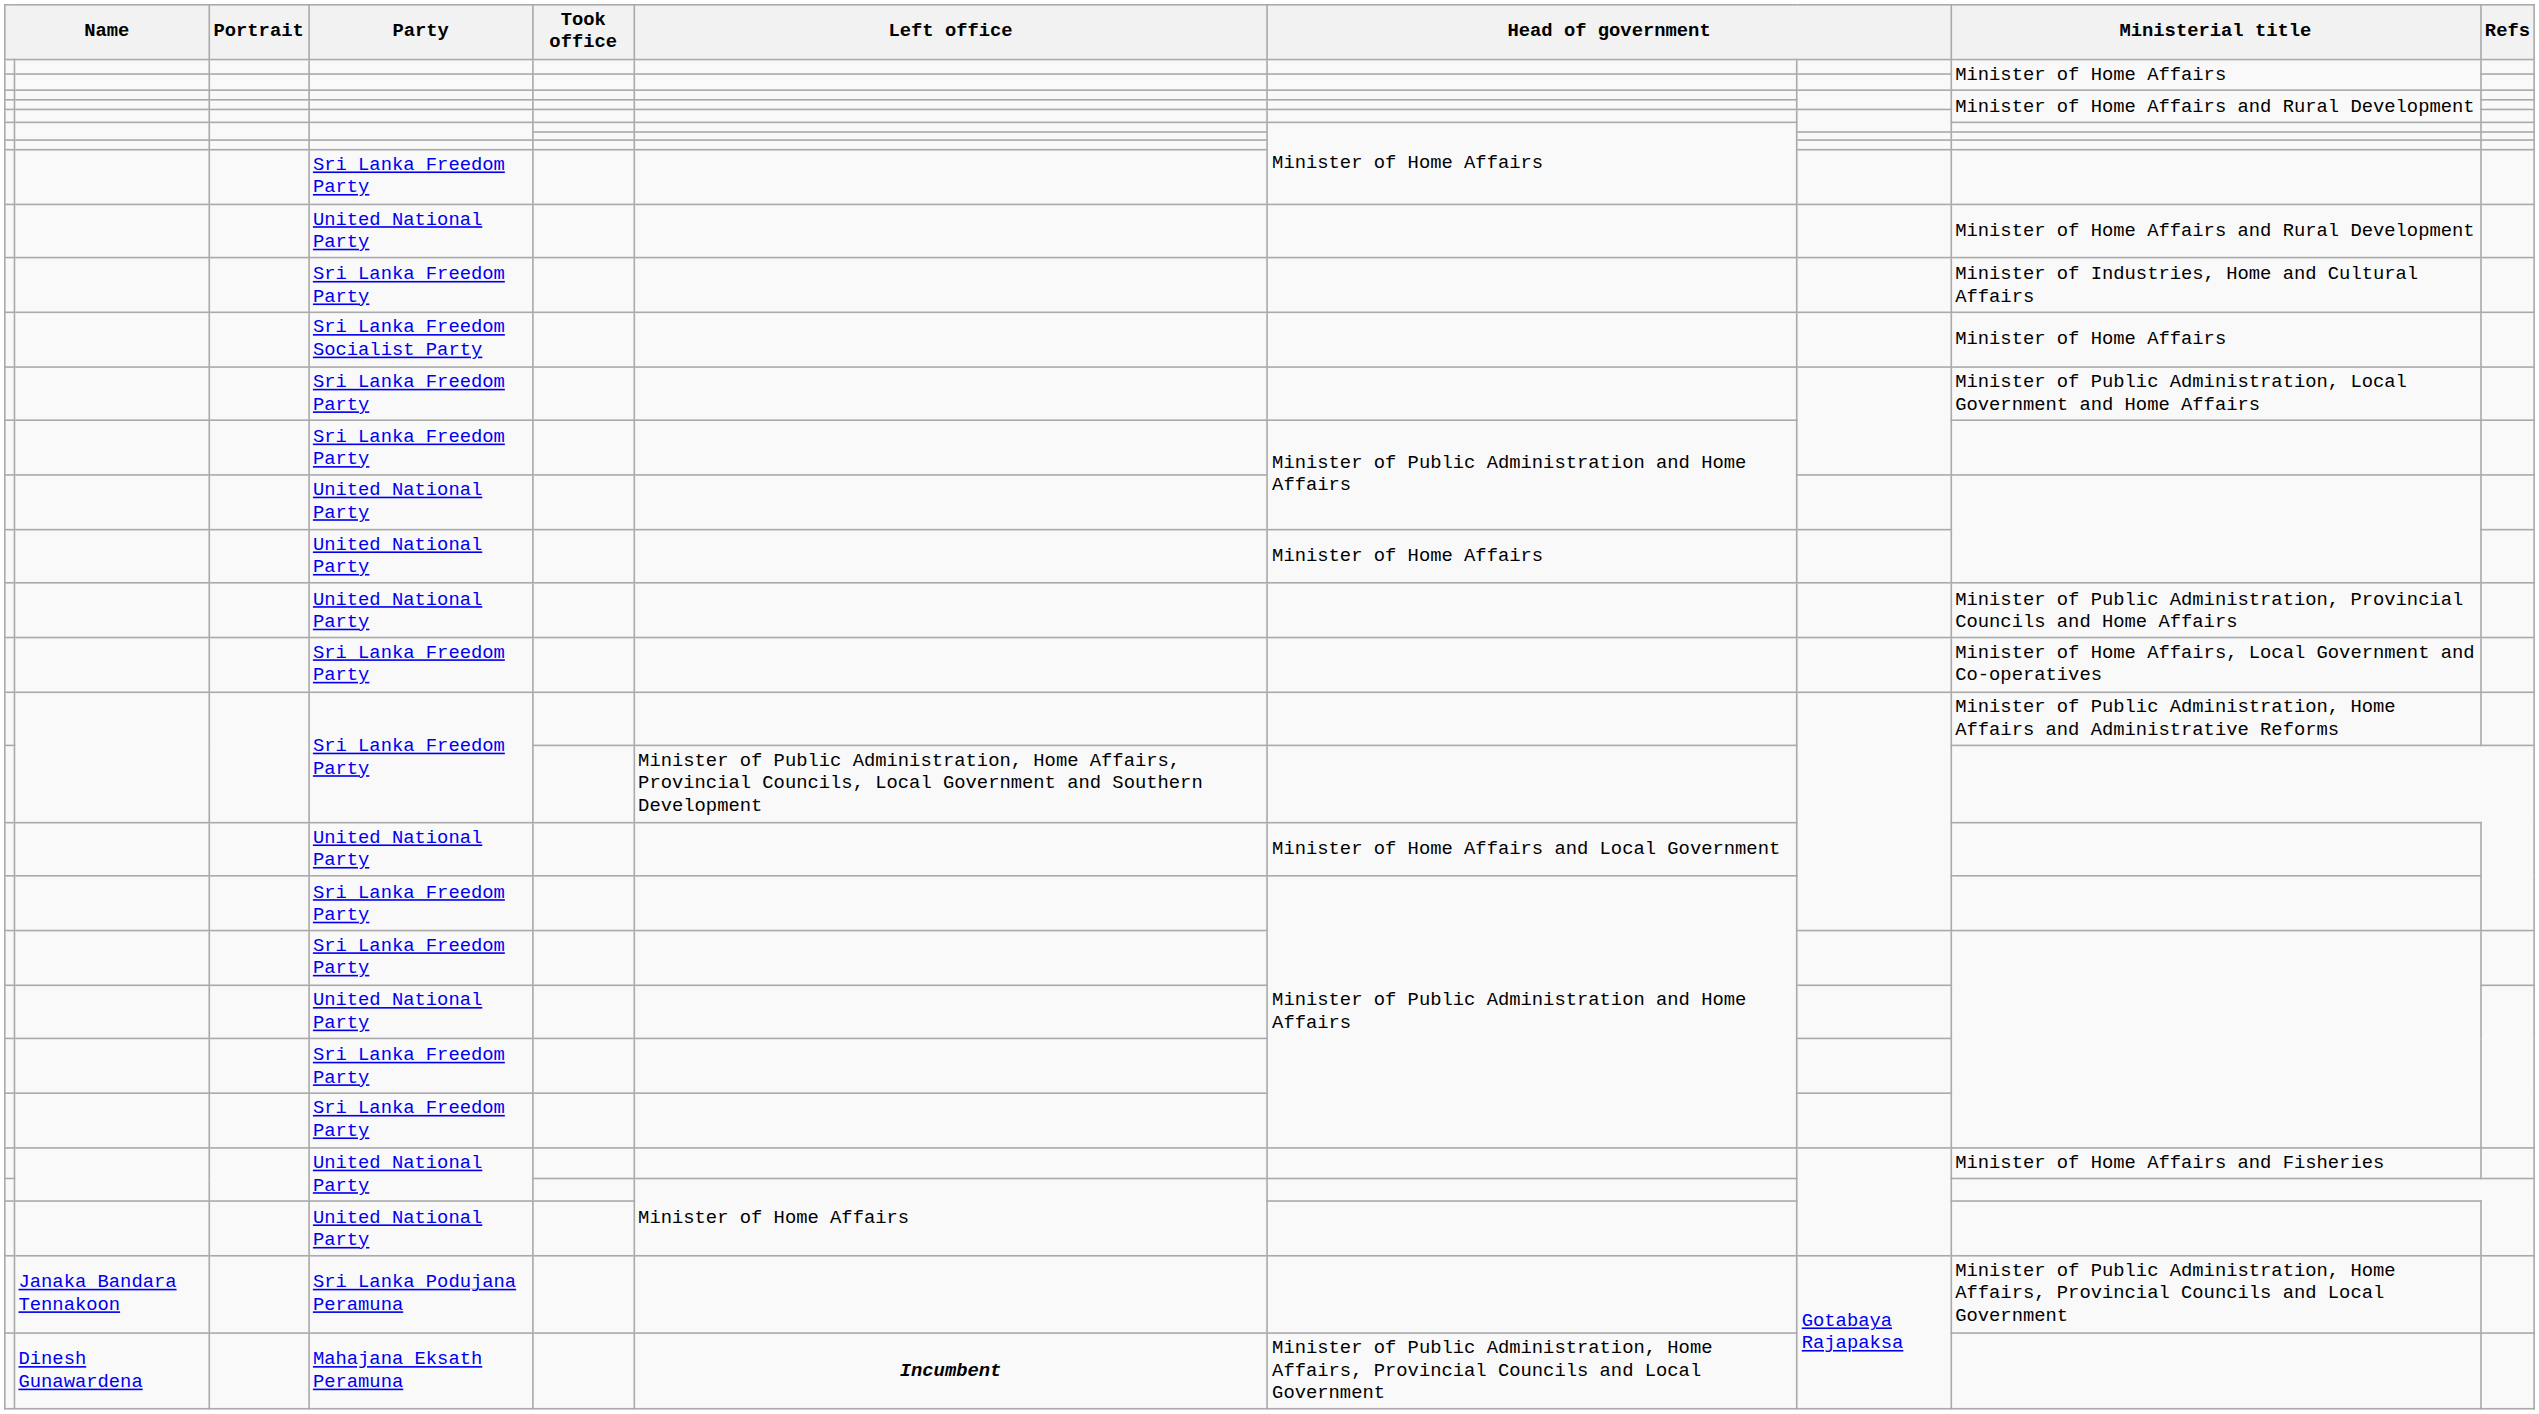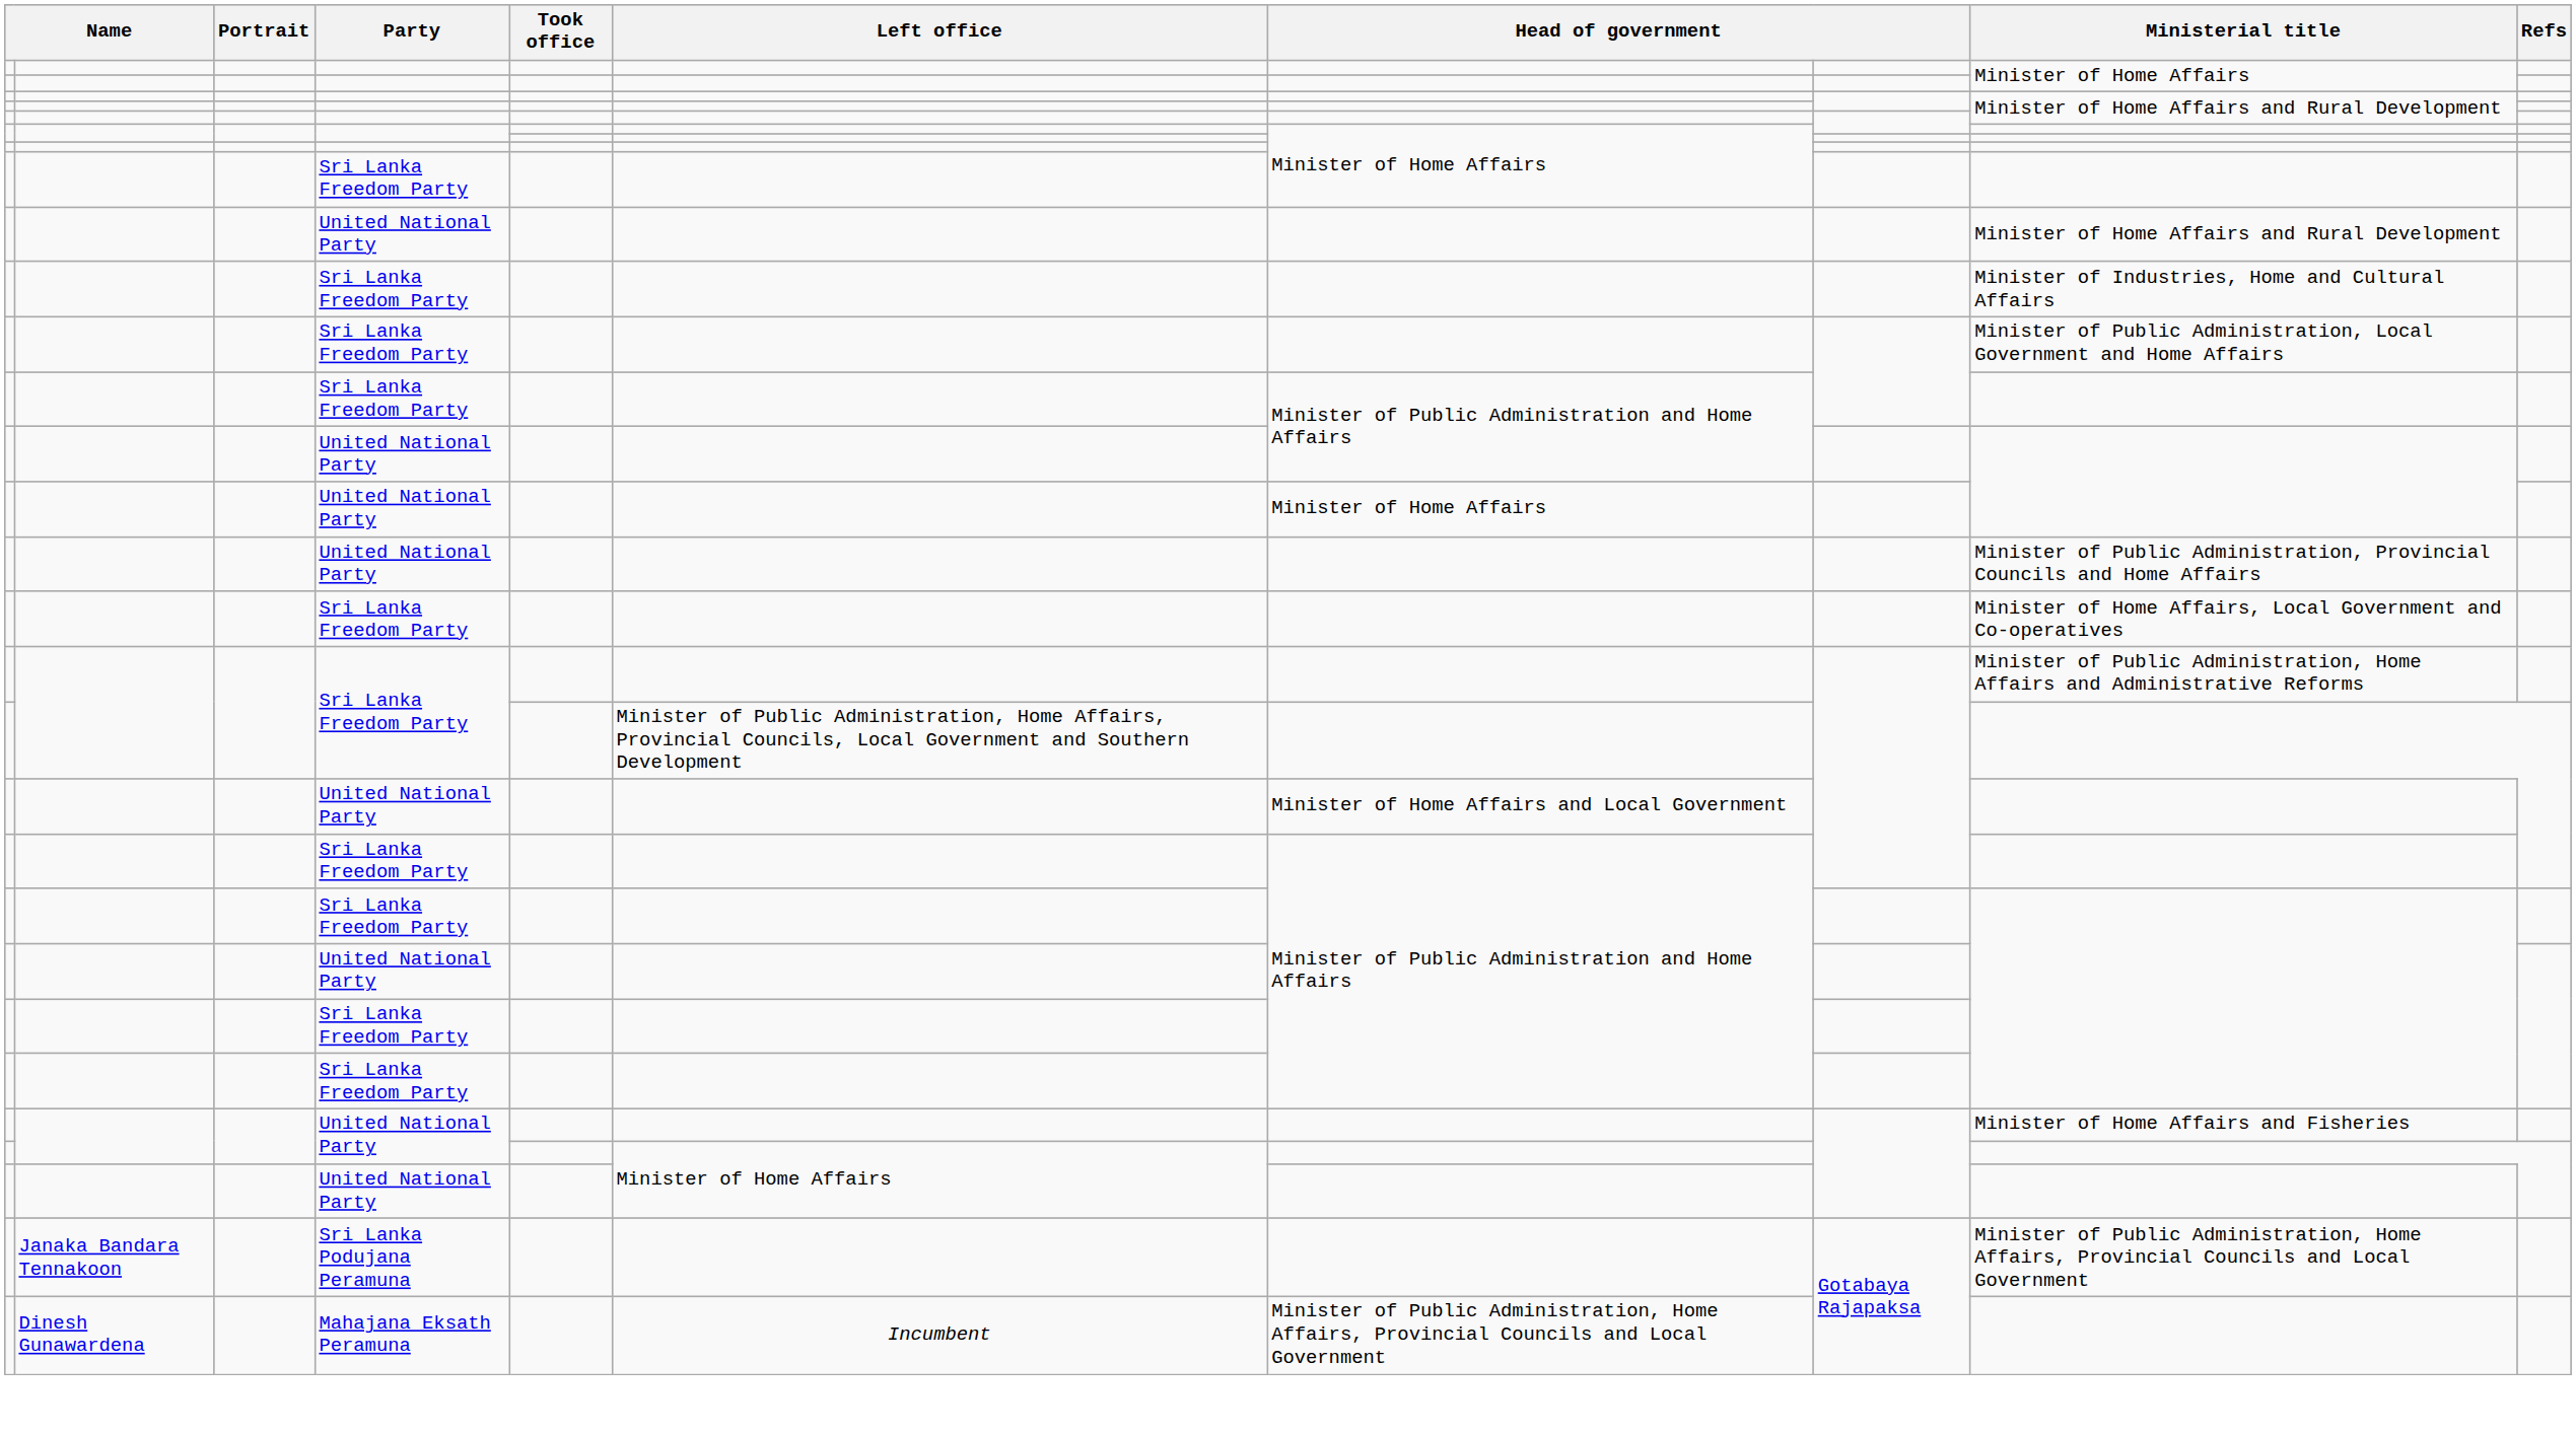 <table class="wikitable plainrowheaders sortable" style="font-size:90%; text-align:left;">
 <tr>
 <th scope=col colspan="2">Name</th>
 <th scope=col class=unsortable>Portrait</th>
 <th scope=col>Party</th>
 <th scope=col>Took office</th>
 <th scope=col>Left office</th>
 <th scope=col colspan="2">Head of government</th>
 <th scope=col>Ministerial title</th>
 <th scope=col class=unsortable>Refs</th>
 </tr>
 <tr>
 <td></td>
 <td></td>
 <td align=center></td>
 <td></td>
 <td align=center></td>
 <td align=center></td>
 <td></td>
 <td></td>
 <td rowspan=2>Minister of Home Affairs</td>
 <td align=center></td>
 </tr>
 <tr>
 <td></td>
 <td></td>
 <td></td>
 <td></td>
 <td align=center></td>
 <td align=center></td>
 <td></td>
 <td></td>
 <td align=center></td>
 </tr>
 <tr>
 <td></td>
 <td></td>
 <td align=center></td>
 <td></td>
 <td align=center></td>
 <td align=center></td>
 <td !align="center" style="background:"></td>
 <td rowspan=2></td>
 <td rowspan=3>Minister of Home Affairs and Rural Development</td>
 <td align=center></td>
 </tr>
 <tr>
 <td></td>
 <td></td>
 <td align=center></td>
 <td></td>
 <td align=center></td>
 <td align=center></td>
 <td align=center></td>
 </tr>
 <tr>
 <td></td>
 <td></td>
 <td align=center></td>
 <td></td>
 <td align=center></td>
 <td align=center></td>
 <td !align="center" style="background:"></td>
 <td rowspan=2></td>
 <td align=center></td>
 </tr>
 <tr>
 <td rowspan=2></td>
 <td rowspan=2></td>
 <td rowspan=2></td>
 <td rowspan=2></td>
 <td align=center></td>
 <td align=center></td>
 <td rowspan=4>Minister of Home Affairs</td>
 <td align=center></td>
 </tr>
 <tr>
 <td align=center></td>
 <td align=center></td>
 <td !align="center" style="background:"></td>
 <td></td>
 <td align=center></td>
 </tr>
 <tr>
 <td></td>
 <td></td>
 <td></td>
 <td></td>
 <td align=center></td>
 <td align=center></td>
 <td !align="center" style="background:"></td>
 <td></td>
 <td align=center></td>
 </tr>
 <tr>
 <td !align="center" style="background:"></td>
 <td></td>
 <td></td>
 <td><a href='#'>Sri Lanka Freedom Party</a></td>
 <td align=center></td>
 <td align=center></td>
 <td !align="center" style="background:"></td>
 <td></td>
 <td align=center></td>
 </tr>
 <tr>
 <td !align="center" style="background:"></td>
 <td></td>
 <td></td>
 <td><a href='#'>United National Party</a></td>
 <td align=center></td>
 <td align=center></td>
 <td !align="center" style="background:"></td>
 <td></td>
 <td>Minister of Home Affairs and Rural Development</td>
 <td align=center></td>
 </tr>
 <tr>
 <td !align="center" style="background:"></td>
 <td></td>
 <td align=center></td>
 <td><a href='#'>Sri Lanka Freedom Party</a></td>
 <td align=center></td>
 <td align=center></td>
 <td !align="center" style="background:"></td>
 <td></td>
 <td>Minister of Industries, Home and Cultural Affairs</td>
-<td align=center></td>
-</tr>
-<tr>
-<td !align="center" style="background:"></td>
-<td></td>
-<td align=center></td>
-<td><a href='#'>Sri Lanka Freedom Socialist Party</a></td>
-<td align=center></td>
-<td align=center></td>
-<td !align="center" style="background:"></td>
-<td></td>
-<td>Minister of Home Affairs</td>
 <td align=center></td>
 </tr>
 <tr>
 <td !align="center" style="background:"></td>
 <td></td>
 <td></td>
 <td><a href='#'>Sri Lanka Freedom Party</a></td>
 <td align=center></td>
 <td align=center></td>
 <td !align="center" style="background:"></td>
 <td rowspan=2></td>
 <td>Minister of Public Administration, Local Government and Home Affairs</td>
 <td align=center></td>
 </tr>
 <tr>
 <td !align="center" style="background:"></td>
 <td></td>
 <td></td>
 <td><a href='#'>Sri Lanka Freedom Party</a></td>
 <td align=center></td>
 <td align=center></td>
 <td rowspan=2>Minister of Public Administration and Home Affairs</td>
 <td align=center></td>
 </tr>
 <tr>
 <td !align="center" style="background:"></td>
 <td></td>
 <td></td>
 <td><a href='#'>United National Party</a></td>
 <td align=center></td>
 <td align=center></td>
 <td !align="center" style="background:"></td>
 <td rowspan=2></td>
 <td align=center></td>
 </tr>
 <tr>
 <td !align="center" style="background:"></td>
 <td></td>
 <td></td>
 <td><a href='#'>United National Party</a></td>
 <td align=center></td>
 <td align=center></td>
 <td>Minister of Home Affairs</td>
 <td align=center></td>
 </tr>
 <tr>
 <td !align="center" style="background:"></td>
 <td></td>
 <td></td>
 <td><a href='#'>United National Party</a></td>
 <td align=center></td>
 <td align=center></td>
 <td !align="center" style="background:"></td>
 <td></td>
 <td>Minister of Public Administration, Provincial Councils and Home Affairs</td>
 <td align=center></td>
 </tr>
 <tr>
 <td !align="center" style="background:"></td>
 <td></td>
 <td></td>
 <td><a href='#'>Sri Lanka Freedom Party</a></td>
 <td align=center></td>
 <td align=center></td>
 <td !align="center" style="background:"></td>
 <td></td>
 <td>Minister of Home Affairs, Local Government and Co-operatives</td>
 <td align=center></td>
 </tr>
 <tr>
 <td !align="center" style="background:"></td>
 <td rowspan=2></td>
 <td rowspan=2></td>
 <td rowspan=2><a href='#'>Sri Lanka Freedom Party</a></td>
 <td align=center></td>
 <td align=center></td>
 <td !align="center" style="background:"></td>
 <td rowspan=4></td>
 <td>Minister of Public Administration, Home Affairs and Administrative Reforms</td>
 <td align=center></td>
 </tr>
 <tr>
 <td align=center></td>
 <td align=center></td>
 <td>Minister of Public Administration, Home Affairs, Provincial Councils, Local Government and Southern Development</td>
 <td align=center></td>
 </tr>
 <tr>
 <td !align="center" style="background:"></td>
 <td></td>
 <td></td>
 <td><a href='#'>United National Party</a></td>
 <td align=center></td>
 <td align=center></td>
 <td>Minister of Home Affairs and Local Government</td>
 <td align=center></td>
 </tr>
 <tr>
 <td !align="center" style="background:"></td>
 <td></td>
 <td></td>
 <td><a href='#'>Sri Lanka Freedom Party</a></td>
 <td align=center></td>
 <td align=center></td>
 <td rowspan=5>Minister of Public Administration and Home Affairs</td>
 <td align=center></td>
 </tr>
 <tr>
 <td !align="center" style="background:"></td>
 <td></td>
 <td align=center></td>
 <td><a href='#'>Sri Lanka Freedom Party</a></td>
 <td align=center></td>
 <td align=center></td>
 <td !align="center" style="background:"></td>
 <td rowspan=4></td>
 <td align=center></td>
 </tr>
 <tr>
 <td !align="center" style="background:"></td>
 <td></td>
 <td align=center></td>
 <td><a href='#'>United National Party</a></td>
 <td align=center></td>
 <td align=center></td>
 <td align=center></td>
 </tr>
 <tr>
 <td !align="center" style="background:"></td>
 <td></td>
 <td align=center></td>
 <td><a href='#'>Sri Lanka Freedom Party</a></td>
 <td align=center></td>
 <td align=center></td>
 <td align=center></td>
 </tr>
 <tr>
 <td !align="center" style="background:"></td>
 <td></td>
 <td></td>
 <td><a href='#'>Sri Lanka Freedom Party</a></td>
 <td align=center></td>
 <td></td>
 <td align=center></td>
 </tr>
 <tr>
 <td !align="center" style="background:"></td>
 <td rowspan=2></td>
 <td align=center rowspan=2></td>
 <td rowspan=2><a href='#'>United National Party</a></td>
 <td align=center></td>
 <td align=center></td>
 <td !align="center" style="background:"></td>
 <td rowspan=3></td>
 <td>Minister of Home Affairs and Fisheries</td>
 <td align=center></td>
 </tr>
 <tr>
 <td align=center></td>
 <td align=center></td>
 <td rowspan=2>Minister of Home Affairs</td>
 <td align=center></td>
 </tr>
 <tr>
 <td !align="center" style="background:"></td>
 <td></td>
 <td></td>
 <td><a href='#'>United National Party</a></td>
 <td align=center></td>
 <td align=center></td>
 <td align="center"></td>
 </tr>
 <tr>
 <td !align="center" style="background:"></td>
 <td><a href='#'>Janaka Bandara Tennakoon</a></td>
 <td></td>
 <td><a href='#'>Sri Lanka Podujana Peramuna</a></td>
 <td align="center"></td>
 <td align="center"></td>
 <td !align="center" style="background:"></td>
 <td rowspan="2"><a href='#'>Gotabaya Rajapaksa</a></td>
 <td>Minister of Public Administration, Home Affairs, Provincial Councils and Local Government</td>
 <td></td>
 </tr>
 <tr>
 <td !align="center" style="background:"></td>
 <td><a href='#'>Dinesh Gunawardena</a></td>
 <td></td>
 <td><a href='#'>Mahajana Eksath Peramuna</a></td>
 <td align="center"></td>
-<td align="center"><strong><em>Incumbent</em></strong></td>
+<td align="center"><em>Incumbent</em></td>
 <td>Minister of Public Administration, Home Affairs, Provincial Councils and Local Government</td>
 <td></td>
 </tr>
 </table>
